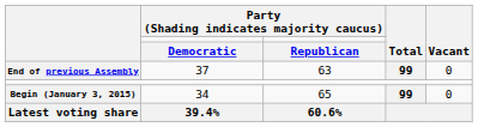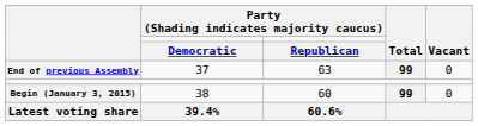 <table class=wikitable style="text-align:center">
 <tr style="vertical-align:bottom;">
 <th rowspan=3></th>
 <th colspan=2>Party <div>(Shading indicates majority caucus)</div></th>
 <th rowspan=3>Total</th>
 <th rowspan=3>Vacant</th>
 </tr>
 <tr style="height:5px">
 <td style="background-color:"></td>
 <td style="background-color:"></td>
 </tr>
 <tr>
 <th><a href='#'>Democratic</a></th>
 <th><a href='#'>Republican</a></th>
 </tr>
 <tr>
 <th nowrap style="font-size:80%">End of <a href='#'>previous Assembly</a></th>
 <td>37</td>
 <td>63</td>
 <th>99</th>
 <td>0</td>
 </tr>
 <tr>
 <td colspan=5></td>
 </tr>
 <tr>
 <th nowrap style="font-size:80%">Begin (January 3, 2015)</th>
-<td>34</td>
-<td>65</td>
+<td>38</td>
+<td>60</td>
 <th>99</th>
 <td>0</td>
 </tr>
 <tr>
 <th>Latest voting share</th>
 <th>39.4%</th>
 <th>60.6%</th>
 <th colspan=2></th>
 </tr>
 </table>
